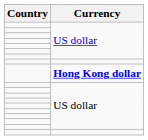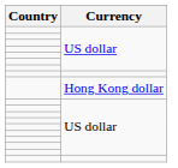 <table class="wikitable">
 <tr>
 <th>Country</th>
 <th>Currency</th>
 </tr>
 <tr>
 <td></td>
 <td rowspan="7"><a href='#'>US dollar</a></td>
 </tr>
 <tr>
 <td></td>
 </tr>
 <tr>
 <td></td>
 </tr>
 <tr>
 <td></td>
 </tr>
 <tr>
 <td></td>
 </tr>
 <tr>
 <td></td>
 </tr>
 <tr>
 <td></td>
 </tr>
 <tr>
 <td></td>
 </tr>
 <tr>
 <td></td>
-<td><strong><a href='#'>Hong Kong dollar</a></strong></td>
+<td><a href='#'>Hong Kong dollar</a></td>
 </tr>
 <tr>
 <td></td>
 <td rowspan="9">US dollar</td>
 </tr>
 <tr>
 <td></td>
 </tr>
 <tr>
 <td></td>
 </tr>
 <tr>
 <td></td>
 </tr>
 <tr>
 <td></td>
 </tr>
 <tr>
 <td></td>
 </tr>
 <tr>
 <td></td>
 </tr>
 <tr>
 <td></td>
 </tr>
 <tr>
 <td></td>
 </tr>
 <tr>
 <td></td>
 </tr>
 </table>
